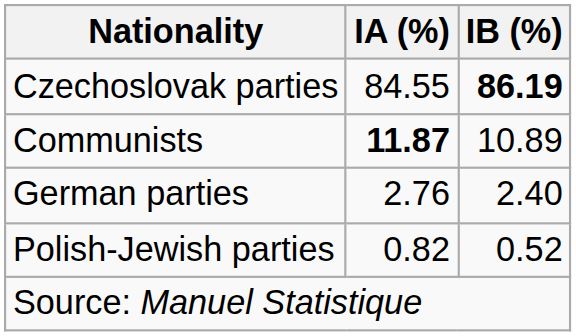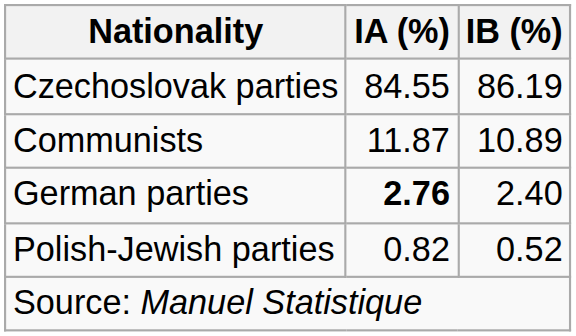 <table class=wikitable style=text-align:right>
 <tr>
 <th>Nationality</th>
 <th>IA (%)</th>
 <th>IB (%)</th>
 </tr>
 <tr>
 <td align=left>Czechoslovak parties</td>
 <td>84.55</td>
-<td><strong>86.19</strong></td>
+<td>86.19</td>
 </tr>
 <tr>
 <td align=left>Communists</td>
-<td><strong>11.87</strong></td>
+<td>11.87</td>
 <td>10.89</td>
 </tr>
 <tr>
 <td align=left>German parties</td>
-<td>2.76</td>
+<td><strong>2.76</strong></td>
 <td>2.40</td>
 </tr>
 <tr>
 <td align=left>Polish-Jewish parties</td>
 <td>0.82</td>
 <td>0.52</td>
 </tr>
 <tr>
 <td align=left colspan=3>Source: <em>Manuel Statistique</em></td>
 </tr>
 </table>
